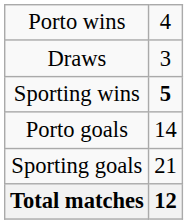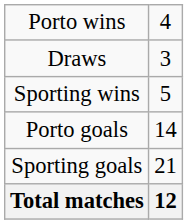 <table class="wikitable" style="text-align:center">
 <tr>
 <td>Porto wins</td>
 <td>4</td>
 </tr>
 <tr>
 <td>Draws</td>
 <td>3</td>
 </tr>
 <tr>
 <td>Sporting wins</td>
-<td><strong>5</strong></td>
+<td>5</td>
 </tr>
 <tr>
 <td>Porto goals</td>
 <td>14</td>
 </tr>
 <tr>
 <td>Sporting goals</td>
 <td>21</td>
 </tr>
 <tr>
 <th>Total matches</th>
 <th>12</th>
 </tr>
 </table>
